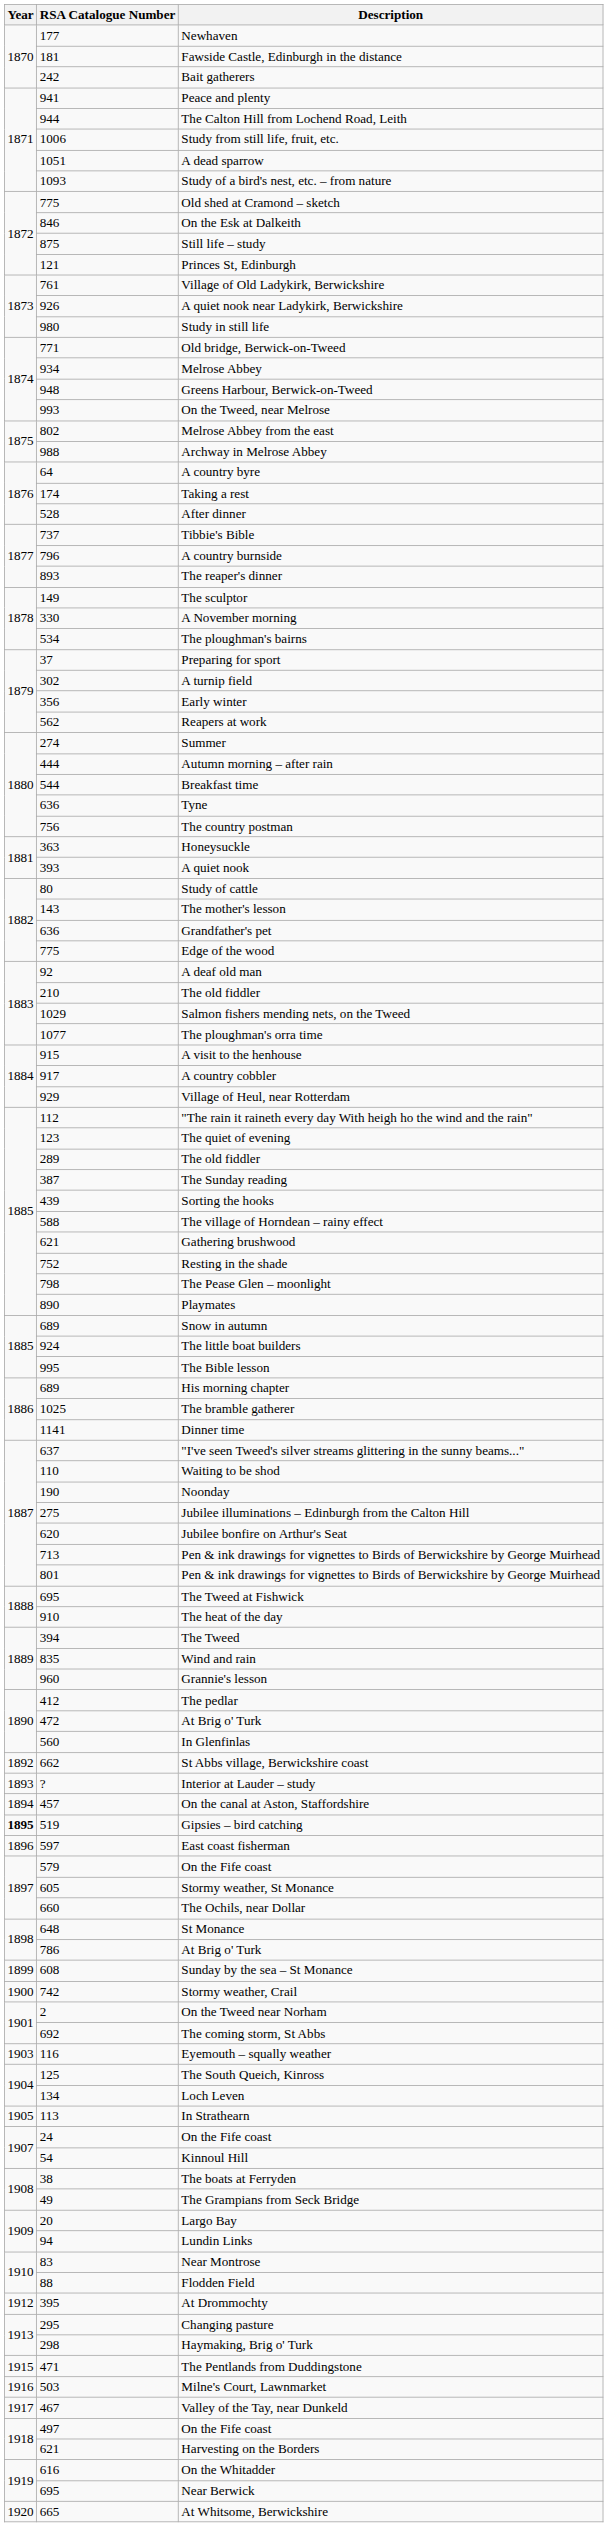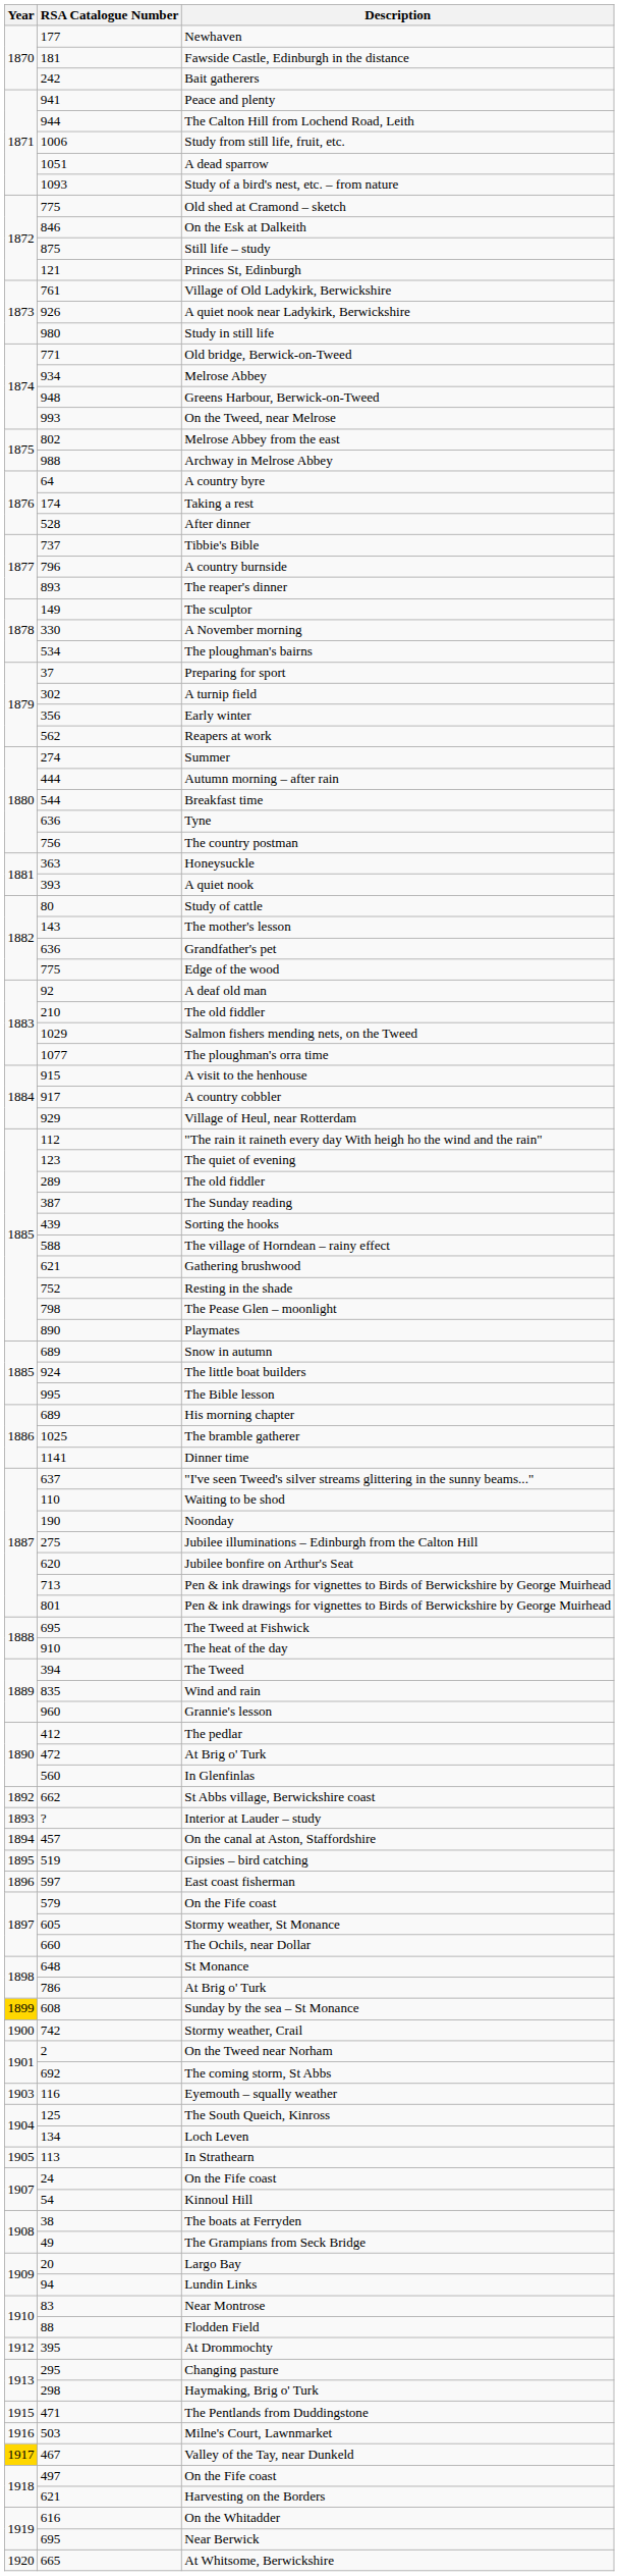 <table class="wikitable">
 <tr>
 <th>Year</th>
 <th>RSA Catalogue Number</th>
 <th>Description</th>
 </tr>
 <tr>
 <td rowspan="3">1870</td>
 <td>177</td>
 <td>Newhaven</td>
 </tr>
 <tr>
 <td>181</td>
 <td>Fawside Castle, Edinburgh in the distance</td>
 </tr>
 <tr>
 <td>242</td>
 <td>Bait gatherers</td>
 </tr>
 <tr>
 <td rowspan="5">1871</td>
 <td>941</td>
 <td>Peace and plenty</td>
 </tr>
 <tr>
 <td>944</td>
 <td>The Calton Hill from Lochend Road, Leith</td>
 </tr>
 <tr>
 <td>1006</td>
 <td>Study from still life, fruit, etc.</td>
 </tr>
 <tr>
 <td>1051</td>
 <td>A dead sparrow</td>
 </tr>
 <tr>
 <td>1093</td>
 <td>Study of a bird's nest, etc. – from nature</td>
 </tr>
 <tr>
 <td rowspan="4">1872</td>
 <td>775</td>
 <td>Old shed at Cramond – sketch</td>
 </tr>
 <tr>
 <td>846</td>
 <td>On the Esk at Dalkeith</td>
 </tr>
 <tr>
 <td>875</td>
 <td>Still life – study</td>
 </tr>
 <tr>
 <td>121</td>
 <td>Princes St, Edinburgh</td>
 </tr>
 <tr>
 <td rowspan="3">1873</td>
 <td>761</td>
 <td>Village of Old Ladykirk, Berwickshire</td>
 </tr>
 <tr>
 <td>926</td>
 <td>A quiet nook near Ladykirk, Berwickshire</td>
 </tr>
 <tr>
 <td>980</td>
 <td>Study in still life</td>
 </tr>
 <tr>
 <td rowspan="4">1874</td>
 <td>771</td>
 <td>Old bridge, Berwick-on-Tweed</td>
 </tr>
 <tr>
 <td>934</td>
 <td>Melrose Abbey</td>
 </tr>
 <tr>
 <td>948</td>
 <td>Greens Harbour, Berwick-on-Tweed</td>
 </tr>
 <tr>
 <td>993</td>
 <td>On the Tweed, near Melrose</td>
 </tr>
 <tr>
 <td rowspan="2">1875</td>
 <td>802</td>
 <td>Melrose Abbey from the east</td>
 </tr>
 <tr>
 <td>988</td>
 <td>Archway in Melrose Abbey</td>
 </tr>
 <tr>
 <td rowspan="3">1876</td>
 <td>64</td>
 <td>A country byre</td>
 </tr>
 <tr>
 <td>174</td>
 <td>Taking a rest</td>
 </tr>
 <tr>
 <td>528</td>
 <td>After dinner</td>
 </tr>
 <tr>
 <td rowspan="3">1877</td>
 <td>737</td>
 <td>Tibbie's Bible</td>
 </tr>
 <tr>
 <td>796</td>
 <td>A country burnside</td>
 </tr>
 <tr>
 <td>893</td>
 <td>The reaper's dinner</td>
 </tr>
 <tr>
 <td rowspan="3">1878</td>
 <td>149</td>
 <td>The sculptor</td>
 </tr>
 <tr>
 <td>330</td>
 <td>A November morning</td>
 </tr>
 <tr>
 <td>534</td>
 <td>The ploughman's bairns</td>
 </tr>
 <tr>
 <td rowspan="4">1879</td>
 <td>37</td>
 <td>Preparing for sport</td>
 </tr>
 <tr>
 <td>302</td>
 <td>A turnip field</td>
 </tr>
 <tr>
 <td>356</td>
 <td>Early winter</td>
 </tr>
 <tr>
 <td>562</td>
 <td>Reapers at work</td>
 </tr>
 <tr>
 <td rowspan="5">1880</td>
 <td>274</td>
 <td>Summer</td>
 </tr>
 <tr>
 <td>444</td>
 <td>Autumn morning – after rain</td>
 </tr>
 <tr>
 <td>544</td>
 <td>Breakfast time</td>
 </tr>
 <tr>
 <td>636</td>
 <td>Tyne</td>
 </tr>
 <tr>
 <td>756</td>
 <td>The country postman</td>
 </tr>
 <tr>
 <td rowspan="2">1881</td>
 <td>363</td>
 <td>Honeysuckle</td>
 </tr>
 <tr>
 <td>393</td>
 <td>A quiet nook</td>
 </tr>
 <tr>
 <td rowspan="4">1882</td>
 <td>80</td>
 <td>Study of cattle</td>
 </tr>
 <tr>
 <td>143</td>
 <td>The mother's lesson</td>
 </tr>
 <tr>
 <td>636</td>
 <td>Grandfather's pet</td>
 </tr>
 <tr>
 <td>775</td>
 <td>Edge of the wood</td>
 </tr>
 <tr>
 <td rowspan="4">1883</td>
 <td>92</td>
 <td>A deaf old man</td>
 </tr>
 <tr>
 <td>210</td>
 <td>The old fiddler</td>
 </tr>
 <tr>
 <td>1029</td>
 <td>Salmon fishers mending nets, on the Tweed</td>
 </tr>
 <tr>
 <td>1077</td>
 <td>The ploughman's orra time</td>
 </tr>
 <tr>
 <td rowspan="3">1884</td>
 <td>915</td>
 <td>A visit to the henhouse</td>
 </tr>
 <tr>
 <td>917</td>
 <td>A country cobbler</td>
 </tr>
 <tr>
 <td>929</td>
 <td>Village of Heul, near Rotterdam</td>
 </tr>
 <tr>
 <td rowspan="10">1885</td>
 <td>112</td>
 <td>"The rain it raineth every day With heigh ho the wind and the rain"</td>
 </tr>
 <tr>
 <td>123</td>
 <td>The quiet of evening</td>
 </tr>
 <tr>
 <td>289</td>
 <td>The old fiddler</td>
 </tr>
 <tr>
 <td>387</td>
 <td>The Sunday reading</td>
 </tr>
 <tr>
 <td>439</td>
 <td>Sorting the hooks</td>
 </tr>
 <tr>
 <td>588</td>
 <td>The village of Horndean – rainy effect</td>
 </tr>
 <tr>
 <td>621</td>
 <td>Gathering brushwood</td>
 </tr>
 <tr>
 <td>752</td>
 <td>Resting in the shade</td>
 </tr>
 <tr>
 <td>798</td>
 <td>The Pease Glen – moonlight</td>
 </tr>
 <tr>
 <td>890</td>
 <td>Playmates</td>
 </tr>
 <tr>
 <td rowspan="3">1885</td>
 <td>689</td>
 <td>Snow in autumn</td>
 </tr>
 <tr>
 <td>924</td>
 <td>The little boat builders</td>
 </tr>
 <tr>
 <td>995</td>
 <td>The Bible lesson</td>
 </tr>
 <tr>
 <td rowspan="3">1886</td>
 <td>689</td>
 <td>His morning chapter</td>
 </tr>
 <tr>
 <td>1025</td>
 <td>The bramble gatherer</td>
 </tr>
 <tr>
 <td>1141</td>
 <td>Dinner time</td>
 </tr>
 <tr>
 <td rowspan="7">1887</td>
 <td>637</td>
 <td>"I've seen Tweed's silver streams glittering in the sunny beams..."</td>
 </tr>
 <tr>
 <td>110</td>
 <td>Waiting to be shod</td>
 </tr>
 <tr>
 <td>190</td>
 <td>Noonday</td>
 </tr>
 <tr>
 <td>275</td>
 <td>Jubilee illuminations – Edinburgh from the Calton Hill</td>
 </tr>
 <tr>
 <td>620</td>
 <td>Jubilee bonfire on Arthur's Seat</td>
 </tr>
 <tr>
 <td>713</td>
 <td>Pen & ink drawings for vignettes to Birds of Berwickshire by George Muirhead</td>
 </tr>
 <tr>
 <td>801</td>
 <td>Pen & ink drawings for vignettes to Birds of Berwickshire by George Muirhead</td>
 </tr>
 <tr>
 <td rowspan="2">1888</td>
 <td>695</td>
 <td>The Tweed at Fishwick</td>
 </tr>
 <tr>
 <td>910</td>
 <td>The heat of the day</td>
 </tr>
 <tr>
 <td rowspan="3">1889</td>
 <td>394</td>
 <td>The Tweed</td>
 </tr>
 <tr>
 <td>835</td>
 <td>Wind and rain</td>
 </tr>
 <tr>
 <td>960</td>
 <td>Grannie's lesson</td>
 </tr>
 <tr>
 <td rowspan="3">1890</td>
 <td>412</td>
 <td>The pedlar</td>
 </tr>
 <tr>
 <td>472</td>
 <td>At Brig o' Turk</td>
 </tr>
 <tr>
 <td>560</td>
 <td>In Glenfinlas</td>
 </tr>
 <tr>
 <td>1892</td>
 <td>662</td>
 <td>St Abbs village, Berwickshire coast</td>
 </tr>
 <tr>
 <td>1893</td>
 <td>?</td>
 <td>Interior at Lauder – study</td>
 </tr>
 <tr>
 <td>1894</td>
 <td>457</td>
 <td>On the canal at Aston, Staffordshire</td>
 </tr>
 <tr>
-<td><strong>1895</strong></td>
+<td>1895</td>
 <td>519</td>
 <td>Gipsies – bird catching</td>
 </tr>
 <tr>
 <td>1896</td>
 <td>597</td>
 <td>East coast fisherman</td>
 </tr>
 <tr>
 <td rowspan="3">1897</td>
 <td>579</td>
 <td>On the Fife coast</td>
 </tr>
 <tr>
 <td>605</td>
 <td>Stormy weather, St Monance</td>
 </tr>
 <tr>
 <td>660</td>
 <td>The Ochils, near Dollar</td>
 </tr>
 <tr>
 <td rowspan="2">1898</td>
 <td>648</td>
 <td>St Monance</td>
 </tr>
 <tr>
 <td>786</td>
 <td>At Brig o' Turk</td>
 </tr>
 <tr>
-<td>1899</td>
+<td style="background: gold;">1899</td>
 <td>608</td>
 <td>Sunday by the sea – St Monance</td>
 </tr>
 <tr>
 <td>1900</td>
 <td>742</td>
 <td>Stormy weather, Crail</td>
 </tr>
 <tr>
 <td rowspan="2">1901</td>
 <td>2</td>
 <td>On the Tweed near Norham</td>
 </tr>
 <tr>
 <td>692</td>
 <td>The coming storm, St Abbs</td>
 </tr>
 <tr>
 <td>1903</td>
 <td>116</td>
 <td>Eyemouth – squally weather</td>
 </tr>
 <tr>
 <td rowspan="2">1904</td>
 <td>125</td>
 <td>The South Queich, Kinross</td>
 </tr>
 <tr>
 <td>134</td>
 <td>Loch Leven</td>
 </tr>
 <tr>
 <td>1905</td>
 <td>113</td>
 <td>In Strathearn</td>
 </tr>
 <tr>
 <td rowspan="2">1907</td>
 <td>24</td>
 <td>On the Fife coast</td>
 </tr>
 <tr>
 <td>54</td>
 <td>Kinnoul Hill</td>
 </tr>
 <tr>
 <td rowspan="2">1908</td>
 <td>38</td>
 <td>The boats at Ferryden</td>
 </tr>
 <tr>
 <td>49</td>
 <td>The Grampians from Seck Bridge</td>
 </tr>
 <tr>
 <td rowspan="2">1909</td>
 <td>20</td>
 <td>Largo Bay</td>
 </tr>
 <tr>
 <td>94</td>
 <td>Lundin Links</td>
 </tr>
 <tr>
 <td rowspan="2">1910</td>
 <td>83</td>
 <td>Near Montrose</td>
 </tr>
 <tr>
 <td>88</td>
 <td>Flodden Field</td>
 </tr>
 <tr>
 <td>1912</td>
 <td>395</td>
 <td>At Drommochty</td>
 </tr>
 <tr>
 <td rowspan="2">1913</td>
 <td>295</td>
 <td>Changing pasture</td>
 </tr>
 <tr>
 <td>298</td>
 <td>Haymaking, Brig o' Turk</td>
 </tr>
 <tr>
 <td>1915</td>
 <td>471</td>
 <td>The Pentlands from Duddingstone</td>
 </tr>
 <tr>
 <td>1916</td>
 <td>503</td>
 <td>Milne's Court, Lawnmarket</td>
 </tr>
 <tr>
-<td>1917</td>
+<td style="background: gold;">1917</td>
 <td>467</td>
 <td>Valley of the Tay, near Dunkeld</td>
 </tr>
 <tr>
 <td rowspan="2">1918</td>
 <td>497</td>
 <td>On the Fife coast</td>
 </tr>
 <tr>
 <td>621</td>
 <td>Harvesting on the Borders</td>
 </tr>
 <tr>
 <td rowspan="2">1919</td>
 <td>616</td>
 <td>On the Whitadder</td>
 </tr>
 <tr>
 <td>695</td>
 <td>Near Berwick</td>
 </tr>
 <tr>
 <td>1920</td>
 <td>665</td>
 <td>At Whitsome, Berwickshire</td>
 </tr>
 </table>
